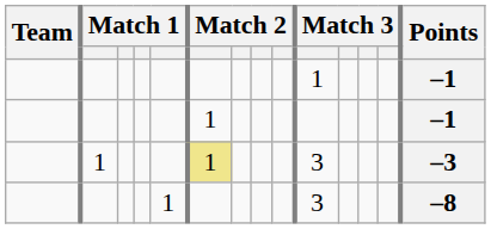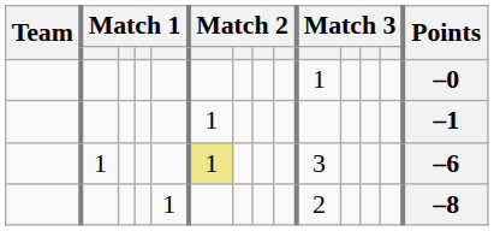 <table class="wikitable sortable" style="text-align:center;">
 <tr>
 <th rowspan=2>Team</th>
 <th colspan=4 style="border-left:3px solid gray">Match 1</th>
 <th colspan=4 style="border-left:3px solid gray">Match 2</th>
 <th colspan=4 style="border-left:3px solid gray">Match 3</th>
 <th rowspan=2 style="border-left:3px solid gray">Points</th>
 </tr>
 <tr>
 <th style="border-left:3px solid gray"></th>
 <th></th>
 <th></th>
 <th></th>
 <th style="border-left:3px solid gray"></th>
 <th></th>
 <th></th>
 <th></th>
 <th style="border-left:3px solid gray"></th>
 <th></th>
 <th></th>
 <th></th>
 </tr>
 <tr>
 <td align=left></td>
 <td style="border-left:3px solid gray"></td>
 <td></td>
 <td></td>
 <td></td>
 <td style="border-left:3px solid gray"></td>
 <td></td>
 <td></td>
 <td></td>
 <td style="border-left:3px solid gray">1</td>
 <td></td>
 <td></td>
 <td></td>
-<th style="border-left:3px solid gray">–1</th>
+<th style="border-left:3px solid gray">–0</th>
 </tr>
 <tr>
 <td align=left></td>
 <td style="border-left:3px solid gray"></td>
 <td></td>
 <td></td>
 <td></td>
 <td style="border-left:3px solid gray">1</td>
 <td></td>
 <td></td>
 <td></td>
 <td style="border-left:3px solid gray"></td>
 <td></td>
 <td></td>
 <td></td>
 <th style="border-left:3px solid gray">–1</th>
 </tr>
 <tr>
 <td align=left></td>
 <td style="border-left:3px solid gray">1</td>
 <td></td>
 <td></td>
 <td></td>
 <td style="background: khaki; border-left:3px solid gray">1</td>
 <td></td>
 <td></td>
 <td></td>
 <td style="border-left:3px solid gray">3</td>
 <td></td>
 <td></td>
 <td></td>
-<th style="border-left:3px solid gray">–3</th>
+<th style="border-left:3px solid gray">–6</th>
 </tr>
 <tr>
 <td align=left></td>
 <td style="border-left:3px solid gray"></td>
 <td></td>
 <td></td>
 <td>1</td>
 <td style="border-left:3px solid gray"></td>
 <td></td>
 <td></td>
 <td></td>
-<td style="border-left:3px solid gray">3</td>
+<td style="border-left:3px solid gray">2</td>
 <td></td>
 <td></td>
 <td></td>
 <th style="border-left:3px solid gray">–8</th>
 </tr>
 </table>
